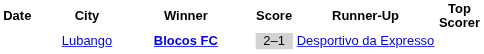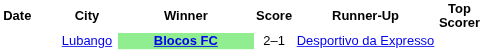 <table border="0" style="text-align:center;">
 <tr>
 <th width=125px>Date</th>
 <th width=75px>City</th>
 <th width=225px>Winner</th>
 <th>Score</th>
 <th width=225px>Runner-Up</th>
 <th>Top Scorer</th>
 </tr>
 <tr>
 <td></td>
 <td><a href='#'>Lubango</a></td>
-<td><strong><a href='#'>Blocos FC</a></strong></td>
-<td style="background: lightgrey;">2–1</td>
+<td style="background: lightgreen;"><strong><a href='#'>Blocos FC</a></strong></td>
+<td>2–1</td>
 <td><a href='#'>Desportivo da Expresso</a></td>
 </tr>
 </table>
